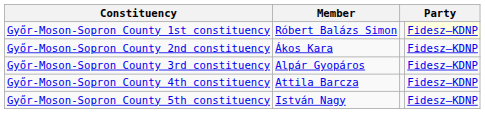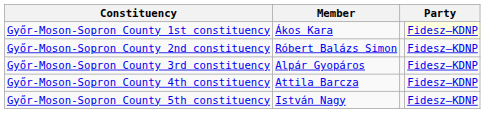 <table class="wikitable">
 <tr>
 <th>Constituency</th>
 <th>Member</th>
 <th colspan="2">Party</th>
 </tr>
 <tr>
 <td><a href='#'>Győr-Moson-Sopron County 1st constituency</a></td>
-<td><a href='#'>Róbert Balázs Simon</a></td>
+<td><a href='#'>Ákos Kara</a></td>
 <td style="background-color: "></td>
 <td style="background: lightyellow;"><a href='#'>Fidesz–KDNP</a></td>
 </tr>
 <tr>
 <td><a href='#'>Győr-Moson-Sopron County 2nd constituency</a></td>
-<td><a href='#'>Ákos Kara</a></td>
+<td><a href='#'>Róbert Balázs Simon</a></td>
 <td style="background-color: "></td>
 <td><a href='#'>Fidesz–KDNP</a></td>
 </tr>
 <tr>
 <td><a href='#'>Győr-Moson-Sopron County 3rd constituency</a></td>
 <td><a href='#'>Alpár Gyopáros</a></td>
 <td style="background-color: "></td>
 <td><a href='#'>Fidesz–KDNP</a></td>
 </tr>
 <tr>
 <td><a href='#'>Győr-Moson-Sopron County 4th constituency</a></td>
 <td><a href='#'>Attila Barcza</a></td>
 <td style="background-color: "></td>
 <td><a href='#'>Fidesz–KDNP</a></td>
 </tr>
 <tr>
 <td><a href='#'>Győr-Moson-Sopron County 5th constituency</a></td>
 <td><a href='#'>István Nagy</a></td>
 <td style="background-color: "></td>
 <td><a href='#'>Fidesz–KDNP</a></td>
 </tr>
 </table>
